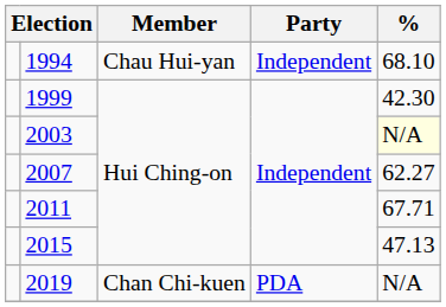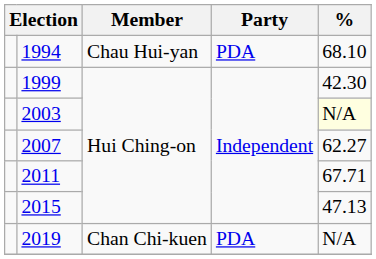 <table class="wikitable">
 <tr>
 <th colspan="2">Election</th>
 <th>Member</th>
 <th>Party</th>
 <th>%</th>
 </tr>
 <tr>
 <td style="background-color: "></td>
 <td><a href='#'>1994</a></td>
 <td>Chau Hui-yan</td>
-<td><a href='#'>Independent</a></td>
+<td><a href='#'>PDA</a></td>
 <td>68.10</td>
 </tr>
 <tr>
 <td style="background-color: "></td>
 <td><a href='#'>1999</a></td>
 <td rowspan=5>Hui Ching-on</td>
 <td rowspan=5><a href='#'>Independent</a></td>
 <td>42.30</td>
 </tr>
 <tr>
 <td style="background-color: "></td>
 <td><a href='#'>2003</a></td>
 <td style="background: lightyellow;">N/A</td>
 </tr>
 <tr>
 <td style="background-color: "></td>
 <td><a href='#'>2007</a></td>
 <td>62.27</td>
 </tr>
 <tr>
 <td style="background-color: "></td>
 <td><a href='#'>2011</a></td>
 <td>67.71</td>
 </tr>
 <tr>
 <td style="background-color: "></td>
 <td><a href='#'>2015</a></td>
 <td>47.13</td>
 </tr>
 <tr>
 <td style="background-color: "></td>
 <td><a href='#'>2019</a></td>
 <td>Chan Chi-kuen</td>
 <td><a href='#'>PDA</a></td>
 <td>N/A</td>
 </tr>
 <tr>
 </tr>
 </table>
